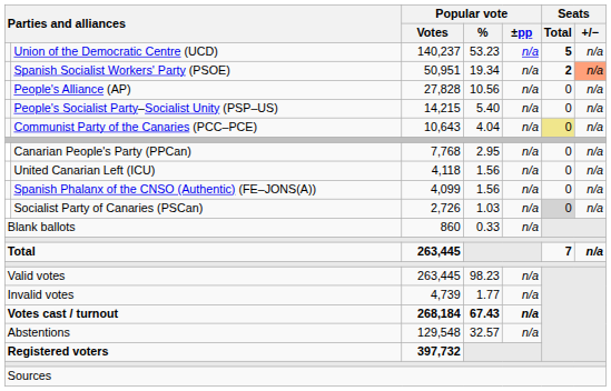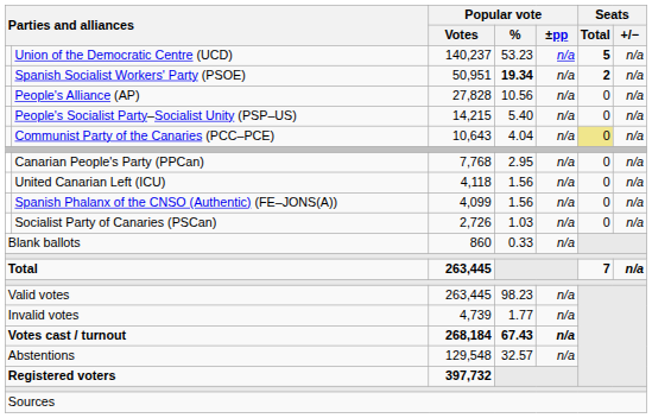 <table class="wikitable" style="text-align:right;">
 <tr>
 <th style="text-align:left;" rowspan="2" colspan="2" width="525">Parties and alliances</th>
 <th colspan="3">Popular vote</th>
 <th colspan="2">Seats</th>
 </tr>
 <tr>
 <th width="75">Votes</th>
 <th width="45">%</th>
 <th width="45">±<a href='#'>pp</a></th>
 <th width="35">Total</th>
 <th width="35">+/−</th>
 </tr>
 <tr>
 <td width="1" style="color:inherit;background:"></td>
 <td align="left"><a href='#'>Union of the Democratic Centre</a> (UCD)</td>
 <td>140,237</td>
 <td>53.23</td>
 <td><em><a href='#'>n/a</a></em></td>
 <td><strong>5</strong></td>
 <td><em>n/a</em></td>
 </tr>
 <tr>
 <td style="color:inherit;background:"></td>
 <td align="left"><a href='#'>Spanish Socialist Workers' Party</a> (PSOE)</td>
 <td>50,951</td>
-<td>19.34</td>
+<td><strong>19.34</strong></td>
 <td><em>n/a</em></td>
 <td><strong>2</strong></td>
-<td style="background: lightsalmon;"><em>n/a</em></td>
+<td><em>n/a</em></td>
 </tr>
 <tr>
 <td style="color:inherit;background:"></td>
 <td align="left"><a href='#'>People's Alliance</a> (AP)</td>
 <td>27,828</td>
 <td>10.56</td>
 <td><em>n/a</em></td>
 <td>0</td>
 <td><em>n/a</em></td>
 </tr>
 <tr>
 <td style="color:inherit;background:"></td>
 <td align="left"><a href='#'>People's Socialist Party</a>–<a href='#'>Socialist Unity</a> (PSP–US)</td>
 <td>14,215</td>
 <td>5.40</td>
 <td><em>n/a</em></td>
 <td>0</td>
 <td><em>n/a</em></td>
 </tr>
 <tr>
 <td style="color:inherit;background:"></td>
 <td align="left"><a href='#'>Communist Party of the Canaries</a> (PCC–PCE)</td>
 <td>10,643</td>
 <td>4.04</td>
 <td><em>n/a</em></td>
 <td style="background: khaki;">0</td>
 <td><em>n/a</em></td>
 </tr>
 <tr>
 <td colspan="7" bgcolor="#C0C0C0"></td>
 </tr>
 <tr>
 <td bgcolor="white"></td>
 <td align="left">Canarian People's Party (PPCan)</td>
 <td>7,768</td>
 <td>2.95</td>
 <td><em>n/a</em></td>
 <td>0</td>
 <td><em>n/a</em></td>
 </tr>
 <tr>
 <td bgcolor="white"></td>
 <td align="left">United Canarian Left (ICU)</td>
 <td>4,118</td>
 <td>1.56</td>
 <td><em>n/a</em></td>
 <td>0</td>
 <td><em>n/a</em></td>
 </tr>
 <tr>
 <td style="color:inherit;background:"></td>
 <td align="left"><a href='#'>Spanish Phalanx of the CNSO (Authentic)</a> (FE–JONS(A))</td>
 <td>4,099</td>
 <td>1.56</td>
 <td><em>n/a</em></td>
 <td>0</td>
 <td><em>n/a</em></td>
 </tr>
 <tr>
 <td bgcolor="white"></td>
 <td align="left">Socialist Party of Canaries (PSCan)</td>
 <td>2,726</td>
 <td>1.03</td>
 <td><em>n/a</em></td>
-<td style="background: lightgrey;">0</td>
+<td>0</td>
 <td><em>n/a</em></td>
 </tr>
 <tr>
 <td align="left" colspan="2">Blank ballots</td>
 <td>860</td>
 <td>0.33</td>
 <td><em>n/a</em></td>
 <td bgcolor="#E9E9E9" colspan="2"></td>
 </tr>
 <tr>
 <td colspan="7" bgcolor="#E9E9E9"></td>
 </tr>
 <tr style="font-weight:bold;">
 <td align="left" colspan="2">Total</td>
 <td>263,445</td>
 <td bgcolor="#E9E9E9" colspan="2"></td>
 <td>7</td>
 <td><em>n/a</em></td>
 </tr>
 <tr>
 <td colspan="7" bgcolor="#E9E9E9"></td>
 </tr>
 <tr>
 <td align="left" colspan="2">Valid votes</td>
 <td>263,445</td>
 <td>98.23</td>
 <td><em>n/a</em></td>
 <td bgcolor="#E9E9E9" colspan="2" rowspan="5"></td>
 </tr>
 <tr>
 <td align="left" colspan="2">Invalid votes</td>
 <td>4,739</td>
 <td>1.77</td>
 <td><em>n/a</em></td>
 </tr>
 <tr style="font-weight:bold;">
 <td align="left" colspan="2">Votes cast / turnout</td>
 <td>268,184</td>
 <td>67.43</td>
 <td><em>n/a</em></td>
 </tr>
 <tr>
 <td align="left" colspan="2">Abstentions</td>
 <td>129,548</td>
 <td>32.57</td>
 <td><em>n/a</em></td>
 </tr>
 <tr style="font-weight:bold;">
 <td align="left" colspan="2">Registered voters</td>
 <td>397,732</td>
 <td bgcolor="#E9E9E9" colspan="2"></td>
 </tr>
 <tr>
 <td colspan="7" bgcolor="#E9E9E9"></td>
 </tr>
 <tr>
 <td align="left" colspan="7">Sources</td>
 </tr>
 </table>
